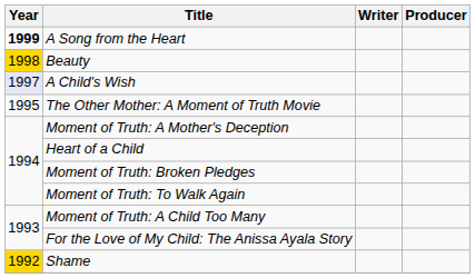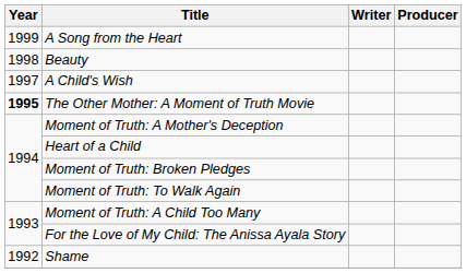 <table class="wikitable">
 <tr>
 <th>Year</th>
 <th>Title</th>
 <th>Writer</th>
 <th>Producer</th>
 </tr>
 <tr>
-<td><strong>1999</strong></td>
+<td>1999</td>
 <td><em>A Song from the Heart</em></td>
 <td></td>
 <td></td>
 </tr>
 <tr>
-<td style="background: gold;">1998</td>
+<td>1998</td>
 <td><em>Beauty</em></td>
 <td></td>
 <td></td>
 </tr>
 <tr>
-<td style="background: lavender;">1997</td>
+<td>1997</td>
 <td><em>A Child's Wish</em></td>
 <td></td>
 <td></td>
 </tr>
 <tr>
-<td>1995</td>
+<td><strong>1995</strong></td>
 <td><em>The Other Mother: A Moment of Truth Movie</em></td>
 <td></td>
 <td></td>
 </tr>
 <tr>
 <td rowspan=4>1994</td>
 <td><em>Moment of Truth: A Mother's Deception</em></td>
 <td></td>
 <td></td>
 </tr>
 <tr>
 <td><em>Heart of a Child</em></td>
 <td></td>
 <td></td>
 </tr>
 <tr>
 <td><em>Moment of Truth: Broken Pledges</em></td>
 <td></td>
 <td></td>
 </tr>
 <tr>
 <td><em>Moment of Truth: To Walk Again</em></td>
 <td></td>
 <td></td>
 </tr>
 <tr>
 <td rowspan=2>1993</td>
 <td><em>Moment of Truth: A Child Too Many</em></td>
 <td></td>
 <td></td>
 </tr>
 <tr>
 <td><em>For the Love of My Child: The Anissa Ayala Story</em></td>
 <td></td>
 <td></td>
 </tr>
 <tr>
-<td style="background: gold;">1992</td>
+<td>1992</td>
 <td><em>Shame</em></td>
 <td></td>
 <td></td>
 </tr>
 <tr>
 </tr>
 </table>
